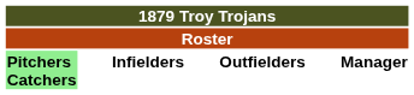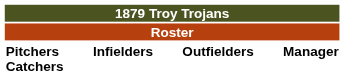 <table class="toccolours" style="font-size: 95%;">
 <tr>
 <th colspan="10" style="background-color: #4B5320; color: white; text-align: center;">1879 Troy Trojans</th>
 </tr>
 <tr>
 <td colspan="10" style="background-color: #B7410E; color: white; text-align: center;"><strong>Roster</strong></td>
 </tr>
 <tr>
-<td valign="top" style="background: lightgreen;"><strong>Pitchers</strong><br>     <strong>Catchers</strong>   </td>
+<td valign="top"><strong>Pitchers</strong><br>     <strong>Catchers</strong>   </td>
 <td width="25px"></td>
 <td valign="top"><strong>Infielders</strong><br>       </td>
 <td width="25px"></td>
 <td valign="top"><strong>Outfielders</strong><br>    </td>
 <td width="25px"></td>
 <td valign="top"><strong>Manager</strong><br> </td>
 </tr>
 </table>
